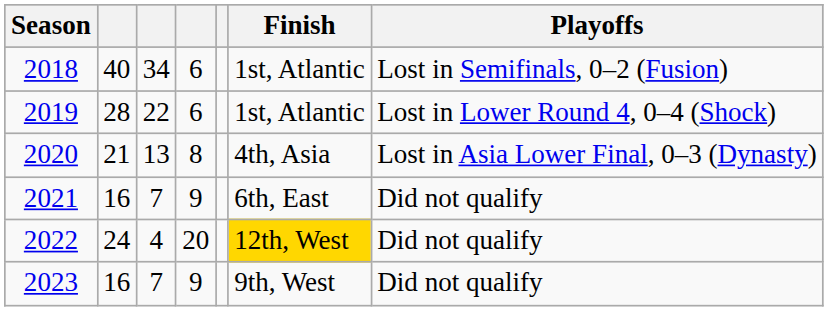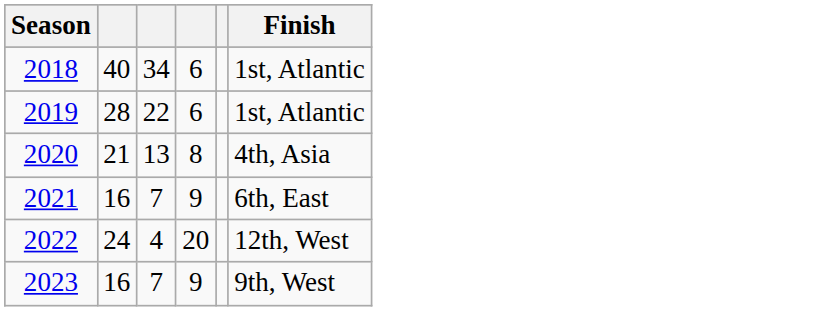 <table class="wikitable" style="text-align:center;">
 <tr>
 <th style="background:#">Season</th>
 <th style="background:#"></th>
 <th style="background:#"></th>
 <th style="background:#"></th>
 <th style="background:#"></th>
 <th style="background:#">Finish</th>
-<th style="background:#">Playoffs</th>
 </tr>
 <tr>
 <td><a href='#'>2018</a></td>
 <td>40</td>
 <td>34</td>
 <td>6</td>
 <td></td>
 <td style="text-align:left">1st, Atlantic</td>
-<td style="text-align:left">Lost in <a href='#'>Semifinals</a>, 0–2 (<a href='#'>Fusion</a>)</td>
 </tr>
 <tr>
 <td><a href='#'>2019</a></td>
 <td>28</td>
 <td>22</td>
 <td>6</td>
 <td></td>
 <td style="text-align:left">1st, Atlantic</td>
-<td style="text-align:left">Lost in <a href='#'>Lower Round 4</a>, 0–4 (<a href='#'>Shock</a>)</td>
 </tr>
 <tr>
 <td><a href='#'>2020</a></td>
 <td>21</td>
 <td>13</td>
 <td>8</td>
 <td></td>
 <td style="text-align:left">4th, Asia</td>
-<td style="text-align:left">Lost in <a href='#'>Asia Lower Final</a>, 0–3 (<a href='#'>Dynasty</a>)</td>
 </tr>
 <tr>
 <td><a href='#'>2021</a></td>
 <td>16</td>
 <td>7</td>
 <td>9</td>
 <td></td>
 <td style="text-align:left">6th, East</td>
-<td style="text-align:left">Did not qualify</td>
 </tr>
 <tr>
 <td><a href='#'>2022</a></td>
 <td>24</td>
 <td>4</td>
 <td>20</td>
 <td></td>
-<td style="background: gold; text-align:left">12th, West</td>
-<td style="text-align:left">Did not qualify</td>
+<td style="text-align:left">12th, West</td>
 </tr>
 <tr>
 <td><a href='#'>2023</a></td>
 <td>16</td>
 <td>7</td>
 <td>9</td>
 <td></td>
 <td style="text-align:left">9th, West</td>
-<td style="text-align:left">Did not qualify</td>
 </tr>
 </table>
